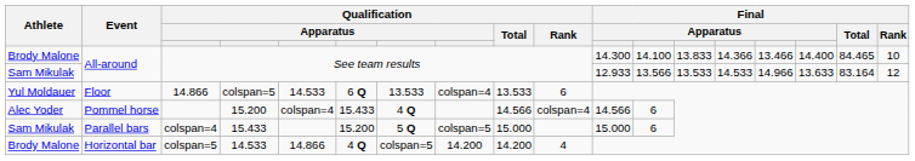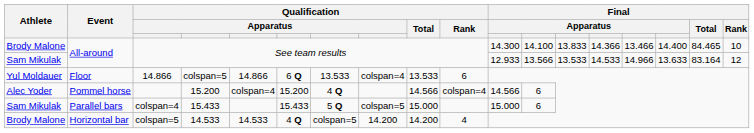 <table class=wikitable style=font-size:90%;text-align:center>
 <tr>
 <th rowspan=3>Athlete</th>
 <th rowspan=3>Event</th>
 <th colspan =8>Qualification</th>
 <th colspan =8>Final</th>
 </tr>
 <tr style=font-size:95%>
 <th colspan=6>Apparatus</th>
 <th rowspan=2>Total</th>
 <th rowspan=2>Rank</th>
 <th colspan=6>Apparatus</th>
 <th rowspan=2>Total</th>
 <th rowspan=2>Rank</th>
 </tr>
 <tr style=font-size:95%>
 <th></th>
 <th></th>
 <th></th>
 <th></th>
 <th></th>
 <th></th>
 <th></th>
 <th></th>
 <th></th>
 <th></th>
 <th></th>
 <th></th>
 </tr>
 <tr>
 <td align=left><a href='#'>Brody Malone</a></td>
 <td align=left rowspan=2><a href='#'>All-around</a></td>
 <td colspan=8 rowspan=2><em>See team results</em></td>
 <td>14.300</td>
 <td>14.100</td>
 <td>13.833</td>
 <td>14.366</td>
 <td>13.466</td>
 <td>14.400</td>
 <td>84.465</td>
 <td>10</td>
 </tr>
 <tr>
 <td align=left><a href='#'>Sam Mikulak</a></td>
 <td>12.933</td>
 <td>13.566</td>
 <td>13.533</td>
 <td>14.533</td>
 <td>14.966</td>
 <td>13.633</td>
 <td>83.164</td>
 <td>12</td>
 </tr>
 <tr>
 <td align=left><a href='#'>Yul Moldauer</a></td>
 <td align=left><a href='#'>Floor</a></td>
 <td>14.866</td>
 <td>colspan=5 </td>
-<td>14.533</td>
+<td>14.866</td>
 <td>6 <strong>Q</strong></td>
 <td>13.533</td>
 <td>colspan=4 </td>
 <td>13.533</td>
 <td>6</td>
 </tr>
 <tr>
 <td align=left><a href='#'>Alec Yoder</a></td>
 <td align=left><a href='#'>Pommel horse</a></td>
 <td></td>
 <td>15.200</td>
 <td>colspan=4 </td>
-<td>15.433</td>
+<td>15.200</td>
 <td>4 <strong>Q</strong></td>
 <td></td>
 <td>14.566</td>
 <td>colspan=4 </td>
 <td>14.566</td>
 <td>6</td>
 </tr>
 <tr>
 <td align=left><a href='#'>Sam Mikulak</a></td>
 <td align=left><a href='#'>Parallel bars</a></td>
 <td>colspan=4 </td>
 <td>15.433</td>
 <td></td>
-<td>15.200</td>
+<td>15.433</td>
 <td>5 <strong>Q</strong></td>
 <td>colspan=5 </td>
 <td>15.000</td>
 <td></td>
 <td>15.000</td>
 <td>6</td>
 </tr>
 <tr>
 <td align=left><a href='#'>Brody Malone</a></td>
 <td align=left><a href='#'>Horizontal bar</a></td>
 <td>colspan=5 </td>
 <td>14.533</td>
-<td>14.866</td>
+<td>14.533</td>
 <td>4 <strong>Q</strong></td>
 <td>colspan=5 </td>
 <td>14.200</td>
 <td>14.200</td>
 <td>4</td>
 </tr>
 </table>
